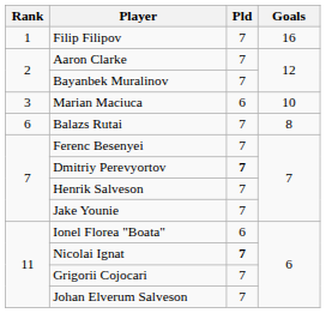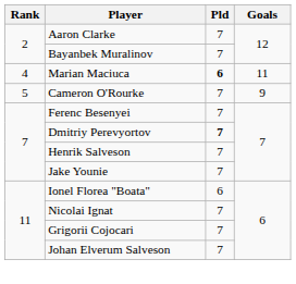 <table class="wikitable" style="text-align:center">
 <tr>
 <th width=45>Rank</th>
 <th width=200>Player</th>
 <th width=30>Pld</th>
 <th width=65>Goals</th>
-</tr>
-<tr>
-<td>1</td>
-<td style="text-align:left"> Filip Filipov</td>
-<td>7</td>
-<td>16</td>
 </tr>
 <tr>
 <td rowspan=2>2</td>
 <td style="text-align:left"> Aaron Clarke</td>
 <td>7</td>
 <td rowspan=2>12</td>
 </tr>
 <tr>
 <td style="text-align:left"> Bayanbek Muralinov</td>
 <td>7</td>
 </tr>
 <tr>
-<td>3</td>
+<td>4</td>
 <td style="text-align:left"> Marian Maciuca</td>
-<td>6</td>
-<td>10</td>
+<td><strong>6</strong></td>
+<td>11</td>
 </tr>
 <tr>
-<td>6</td>
-<td style="text-align:left"> Balazs Rutai</td>
+<td>5</td>
+<td style="text-align:left"> Cameron O'Rourke</td>
 <td>7</td>
-<td>8</td>
+<td>9</td>
 </tr>
 <tr>
 <td rowspan=4>7</td>
 <td style="text-align:left"> Ferenc Besenyei</td>
 <td>7</td>
 <td rowspan=4>7</td>
 </tr>
 <tr>
 <td style="text-align:left"> Dmitriy Perevyortov</td>
 <td><strong>7</strong></td>
 </tr>
 <tr>
 <td style="text-align:left"> Henrik Salveson</td>
 <td>7</td>
 </tr>
 <tr>
 <td style="text-align:left"> Jake Younie</td>
 <td>7</td>
 </tr>
 <tr>
 <td rowspan=4>11</td>
 <td style="text-align:left"> Ionel Florea "Boata"</td>
 <td>6</td>
 <td rowspan=4>6</td>
 </tr>
 <tr>
 <td style="text-align:left"> Nicolai Ignat</td>
-<td><strong>7</strong></td>
+<td>7</td>
 </tr>
 <tr>
 <td style="text-align:left"> Grigorii Cojocari</td>
 <td>7</td>
 </tr>
 <tr>
 <td style="text-align:left"> Johan Elverum Salveson</td>
 <td>7</td>
 </tr>
 </table>
